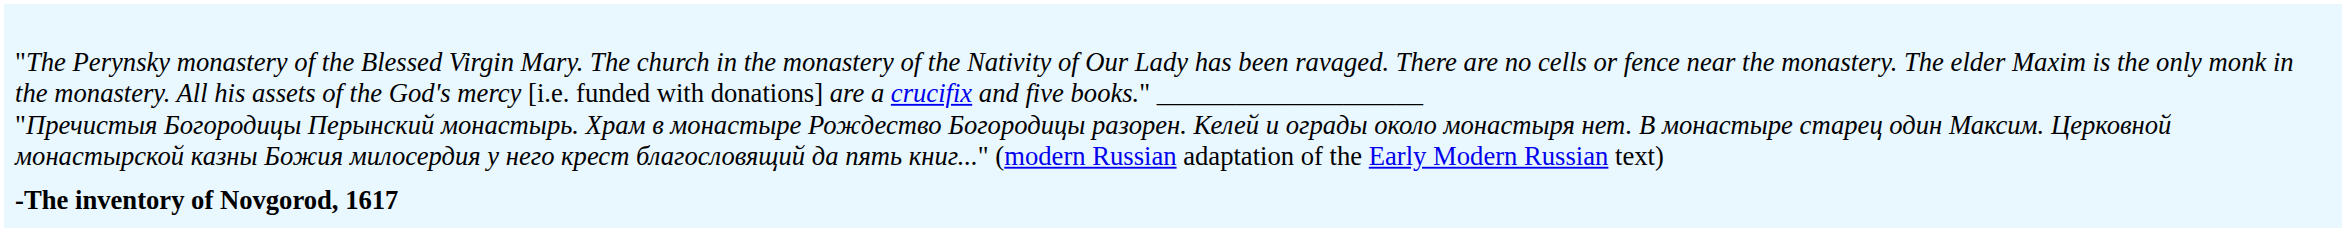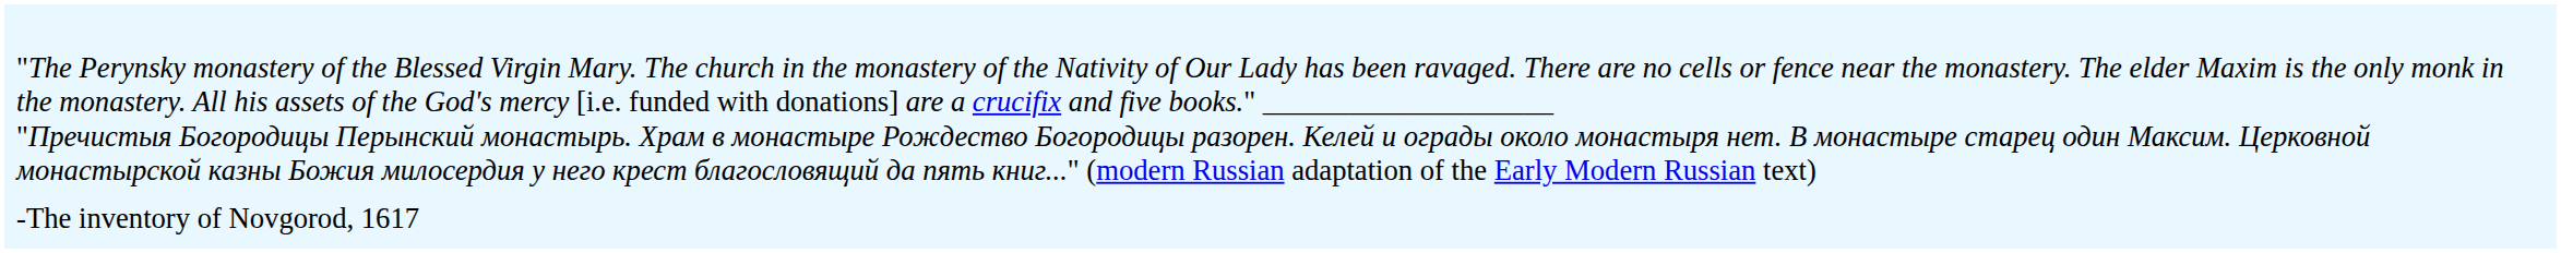 <table class="toccolours" style="font-size: 90%; background:#E9F7FF; color:black;" cellspacing="5">
 <tr>
 <td style="text-align: left;"><br>"<em>The Perynsky monastery of the Blessed Virgin Mary. The church in the monastery of the Nativity of Our Lady has been ravaged. There are no cells or fence near the monastery. The elder Maxim is the only monk in the monastery. All his assets of the God's mercy </em>[i.e. funded with donations]<em> are a <a href='#'>crucifix</a> and five books.</em>"  ____________________<br>"<em>Пречистыя Богородицы Перынский монастырь. Храм в монастыре Рождество Богородицы разорен. Келей и ограды около монастыря нет. В монастыре старец один Максим. Церковной монастырской казны Божия милосердия у него крест благословящий да пять книг...</em>" (<a href='#'>modern Russian</a> adaptation of the <a href='#'>Early Modern Russian</a> text) </td>
 </tr>
 <tr>
-<td style="text-align: left;"><strong>-The inventory of Novgorod, 1617</strong></td>
+<td style="text-align: left;">-The inventory of Novgorod, 1617</td>
 </tr>
 </table>
